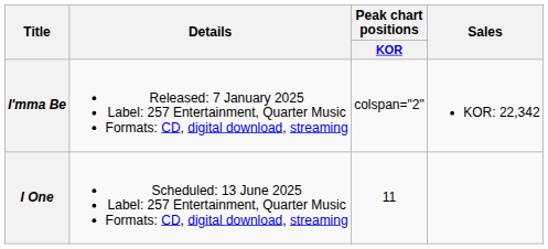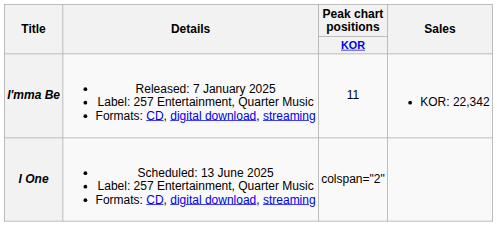 <table class="wikitable plainrowheaders" style="text-align:center">
 <tr>
 <th scope="col" rowspan="2">Title</th>
 <th scope="col" rowspan="2">Details</th>
 <th scope="col">Peak chart positions</th>
 <th scope="col" rowspan="2">Sales</th>
 </tr>
 <tr>
 <th scope="col" style="font-size:90%; width:3em"><a href='#'>KOR</a><br></th>
 </tr>
 <tr>
 <th scope="row"><em>I'mma Be</em></th>
 <td><br><ul><li>Released: 7 January 2025</li><li>Label: 257 Entertainment, Quarter Music</li><li>Formats: <a href='#'>CD</a>, <a href='#'>digital download</a>, <a href='#'>streaming</a></li></ul></td>
-<td>colspan="2" </td>
+<td>11</td>
 <td><br><ul><li>KOR: 22,342</li></ul></td>
 </tr>
 <tr>
 <th scope="row"><em>I One</em></th>
 <td><br><ul><li>Scheduled: 13 June 2025</li><li>Label: 257 Entertainment, Quarter Music</li><li>Formats: <a href='#'>CD</a>, <a href='#'>digital download</a>, <a href='#'>streaming</a></li></ul></td>
-<td>11</td>
+<td>colspan="2" </td>
 </tr>
 </table>
